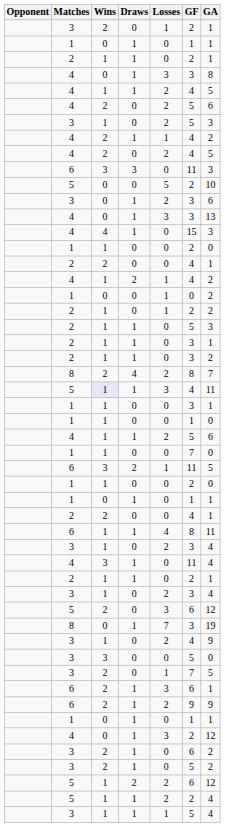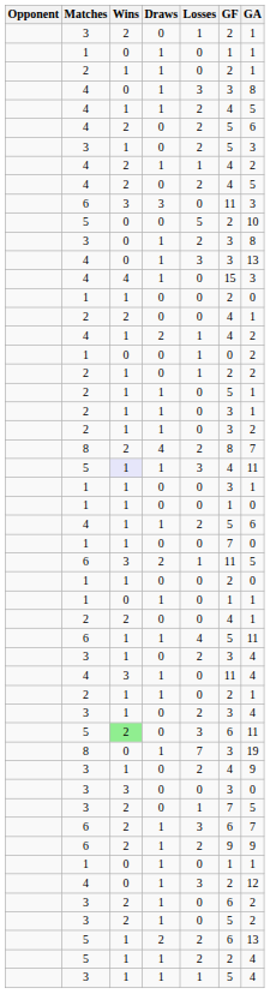 <table class="wikitable sortable" style="text-align:center">
 <tr>
 <th>Opponent</th>
 <th>Matches</th>
 <th>Wins</th>
 <th>Draws</th>
 <th>Losses</th>
 <th>GF</th>
 <th>GA</th>
 </tr>
 <tr>
 <td style="text-align:left;"></td>
 <td>3</td>
 <td>2</td>
 <td>0</td>
 <td>1</td>
 <td>2</td>
 <td>1</td>
 </tr>
 <tr>
 <td style="text-align:left;"></td>
 <td>1</td>
 <td>0</td>
 <td>1</td>
 <td>0</td>
 <td>1</td>
 <td>1</td>
 </tr>
 <tr>
 <td style="text-align:left;"></td>
 <td>2</td>
 <td>1</td>
 <td>1</td>
 <td>0</td>
 <td>2</td>
 <td>1</td>
 </tr>
 <tr>
 <td style="text-align:left;"></td>
 <td>4</td>
 <td>0</td>
 <td>1</td>
 <td>3</td>
 <td>3</td>
 <td>8</td>
 </tr>
 <tr>
 <td style="text-align:left;"></td>
 <td>4</td>
 <td>1</td>
 <td>1</td>
 <td>2</td>
 <td>4</td>
 <td>5</td>
 </tr>
 <tr>
 <td style="text-align:left;"></td>
 <td>4</td>
 <td>2</td>
 <td>0</td>
 <td>2</td>
 <td>5</td>
 <td>6</td>
 </tr>
 <tr>
 <td style="text-align:left;"></td>
 <td>3</td>
 <td>1</td>
 <td>0</td>
 <td>2</td>
 <td>5</td>
 <td>3</td>
 </tr>
 <tr>
 <td style="text-align:left;"></td>
 <td>4</td>
 <td>2</td>
 <td>1</td>
 <td>1</td>
 <td>4</td>
 <td>2</td>
 </tr>
 <tr>
 <td style="text-align:left;"></td>
 <td>4</td>
 <td>2</td>
 <td>0</td>
 <td>2</td>
 <td>4</td>
 <td>5</td>
 </tr>
 <tr>
 <td style="text-align:left;"></td>
 <td>6</td>
 <td>3</td>
 <td>3</td>
 <td>0</td>
 <td>11</td>
 <td>3</td>
 </tr>
 <tr>
 <td style="text-align:left;"></td>
 <td>5</td>
 <td>0</td>
 <td>0</td>
 <td>5</td>
 <td>2</td>
 <td>10</td>
 </tr>
 <tr>
 <td style="text-align:left;"></td>
 <td>3</td>
 <td>0</td>
 <td>1</td>
 <td>2</td>
 <td>3</td>
-<td>6</td>
+<td>8</td>
 </tr>
 <tr>
 <td style="text-align:left;"></td>
 <td>4</td>
 <td>0</td>
 <td>1</td>
 <td>3</td>
 <td>3</td>
 <td>13</td>
 </tr>
 <tr>
 <td style="text-align:left;"></td>
 <td>4</td>
 <td>4</td>
 <td>1</td>
 <td>0</td>
 <td>15</td>
 <td>3</td>
 </tr>
 <tr>
 <td style="text-align:left;"></td>
 <td>1</td>
 <td>1</td>
 <td>0</td>
 <td>0</td>
 <td>2</td>
 <td>0</td>
 </tr>
 <tr>
 <td style="text-align:left;"></td>
 <td>2</td>
 <td>2</td>
 <td>0</td>
 <td>0</td>
 <td>4</td>
 <td>1</td>
 </tr>
 <tr>
 <td style="text-align:left;"></td>
 <td>4</td>
 <td>1</td>
 <td>2</td>
 <td>1</td>
 <td>4</td>
 <td>2</td>
 </tr>
 <tr>
 <td style="text-align:left;"></td>
 <td>1</td>
 <td>0</td>
 <td>0</td>
 <td>1</td>
 <td>0</td>
 <td>2</td>
 </tr>
 <tr>
 <td style="text-align:left;"></td>
 <td>2</td>
 <td>1</td>
 <td>0</td>
 <td>1</td>
 <td>2</td>
 <td>2</td>
 </tr>
 <tr>
 <td style="text-align:left;"></td>
 <td>2</td>
 <td>1</td>
 <td>1</td>
 <td>0</td>
 <td>5</td>
-<td>3</td>
+<td>1</td>
 </tr>
 <tr>
 <td style="text-align:left;"></td>
 <td>2</td>
 <td>1</td>
 <td>1</td>
 <td>0</td>
 <td>3</td>
 <td>1</td>
 </tr>
 <tr>
 <td style="text-align:left;"></td>
 <td>2</td>
 <td>1</td>
 <td>1</td>
 <td>0</td>
 <td>3</td>
 <td>2</td>
 </tr>
 <tr>
 <td style="text-align:left;"></td>
 <td>8</td>
 <td>2</td>
 <td>4</td>
 <td>2</td>
 <td>8</td>
 <td>7</td>
 </tr>
 <tr>
 <td style="text-align:left;"></td>
 <td>5</td>
 <td style="background: lavender;">1</td>
 <td>1</td>
 <td>3</td>
 <td>4</td>
 <td>11</td>
 </tr>
 <tr>
 <td style="text-align:left;"></td>
 <td>1</td>
 <td>1</td>
 <td>0</td>
 <td>0</td>
 <td>3</td>
 <td>1</td>
 </tr>
 <tr>
 <td style="text-align:left;"></td>
 <td>1</td>
 <td>1</td>
 <td>0</td>
 <td>0</td>
 <td>1</td>
 <td>0</td>
 </tr>
 <tr>
 <td style="text-align:left;"></td>
 <td>4</td>
 <td>1</td>
 <td>1</td>
 <td>2</td>
 <td>5</td>
 <td>6</td>
 </tr>
 <tr>
 <td style="text-align:left;"></td>
 <td>1</td>
 <td>1</td>
 <td>0</td>
 <td>0</td>
 <td>7</td>
 <td>0</td>
 </tr>
 <tr>
 <td style="text-align:left;"></td>
 <td>6</td>
 <td>3</td>
 <td>2</td>
 <td>1</td>
 <td>11</td>
 <td>5</td>
 </tr>
 <tr>
 <td style="text-align:left;"></td>
 <td>1</td>
 <td>1</td>
 <td>0</td>
 <td>0</td>
 <td>2</td>
 <td>0</td>
 </tr>
 <tr>
 <td style="text-align:left;"></td>
 <td>1</td>
 <td>0</td>
 <td>1</td>
 <td>0</td>
 <td>1</td>
 <td>1</td>
 </tr>
 <tr>
 <td style="text-align:left;"></td>
 <td>2</td>
 <td>2</td>
 <td>0</td>
 <td>0</td>
 <td>4</td>
 <td>1</td>
 </tr>
 <tr>
 <td style="text-align:left;"></td>
 <td>6</td>
 <td>1</td>
 <td>1</td>
 <td>4</td>
-<td>8</td>
+<td>5</td>
 <td>11</td>
 </tr>
 <tr>
 <td style="text-align:left;"></td>
 <td>3</td>
 <td>1</td>
 <td>0</td>
 <td>2</td>
 <td>3</td>
 <td>4</td>
 </tr>
 <tr>
 <td style="text-align:left;"></td>
 <td>4</td>
 <td>3</td>
 <td>1</td>
 <td>0</td>
 <td>11</td>
 <td>4</td>
 </tr>
 <tr>
 <td style="text-align:left;"></td>
 <td>2</td>
 <td>1</td>
 <td>1</td>
 <td>0</td>
 <td>2</td>
 <td>1</td>
 </tr>
 <tr>
 <td style="text-align:left;"></td>
 <td>3</td>
 <td>1</td>
 <td>0</td>
 <td>2</td>
 <td>3</td>
 <td>4</td>
 </tr>
 <tr>
 <td style="text-align:left;"></td>
 <td>5</td>
-<td>2</td>
+<td style="background: lightgreen;">2</td>
 <td>0</td>
 <td>3</td>
 <td>6</td>
-<td>12</td>
+<td>11</td>
 </tr>
 <tr>
 <td style="text-align:left;"></td>
 <td>8</td>
 <td>0</td>
 <td>1</td>
 <td>7</td>
 <td>3</td>
 <td>19</td>
 </tr>
 <tr>
 <td style="text-align:left;"></td>
 <td>3</td>
 <td>1</td>
 <td>0</td>
 <td>2</td>
 <td>4</td>
 <td>9</td>
 </tr>
 <tr>
 <td style="text-align:left;"></td>
 <td>3</td>
 <td>3</td>
 <td>0</td>
 <td>0</td>
-<td>5</td>
+<td>3</td>
 <td>0</td>
 </tr>
 <tr>
 <td style="text-align:left;"></td>
 <td>3</td>
 <td>2</td>
 <td>0</td>
 <td>1</td>
 <td>7</td>
 <td>5</td>
 </tr>
 <tr>
 <td style="text-align:left;"></td>
 <td>6</td>
 <td>2</td>
 <td>1</td>
 <td>3</td>
 <td>6</td>
-<td>1</td>
+<td>7</td>
 </tr>
 <tr>
 <td style="text-align:left;"></td>
 <td>6</td>
 <td>2</td>
 <td>1</td>
 <td>2</td>
 <td>9</td>
 <td>9</td>
 </tr>
 <tr>
 <td style="text-align:left;"></td>
 <td>1</td>
 <td>0</td>
 <td>1</td>
 <td>0</td>
 <td>1</td>
 <td>1</td>
 </tr>
 <tr>
 <td style="text-align:left;"></td>
 <td>4</td>
 <td>0</td>
 <td>1</td>
 <td>3</td>
 <td>2</td>
 <td>12</td>
 </tr>
 <tr>
 <td style="text-align:left;"></td>
 <td>3</td>
 <td>2</td>
 <td>1</td>
 <td>0</td>
 <td>6</td>
 <td>2</td>
 </tr>
 <tr>
 <td style="text-align:left;"></td>
 <td>3</td>
 <td>2</td>
 <td>1</td>
 <td>0</td>
 <td>5</td>
 <td>2</td>
 </tr>
 <tr>
 <td style="text-align:left;"></td>
 <td>5</td>
 <td>1</td>
 <td>2</td>
 <td>2</td>
 <td>6</td>
-<td>12</td>
+<td>13</td>
 </tr>
 <tr>
 <td style="text-align:left;"></td>
 <td>5</td>
 <td>1</td>
 <td>1</td>
 <td>2</td>
 <td>2</td>
 <td>4</td>
 </tr>
 <tr>
 <td style="text-align:left;"></td>
 <td>3</td>
 <td>1</td>
 <td>1</td>
 <td>1</td>
 <td>5</td>
 <td>4</td>
 </tr>
 </table>
